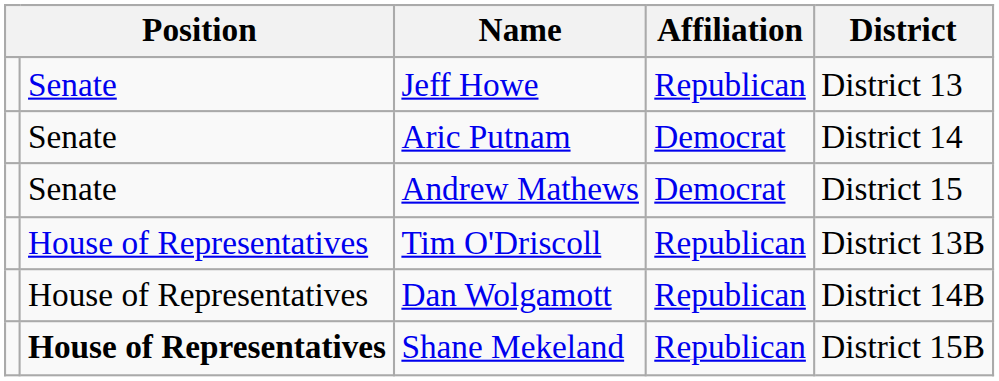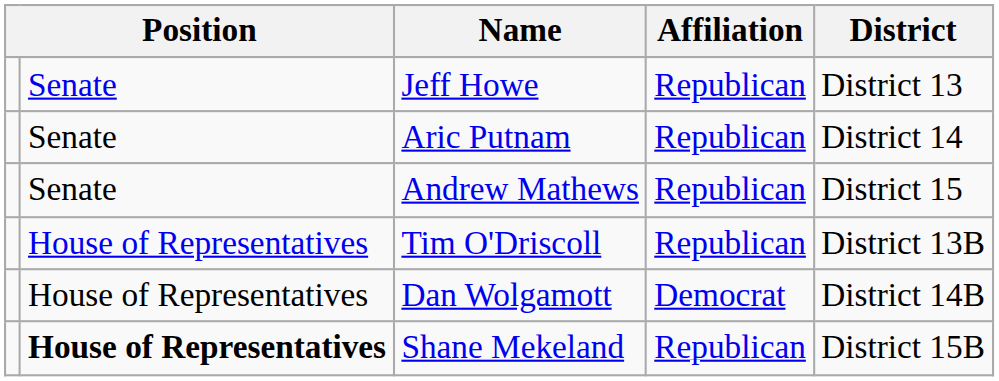 <table class="wikitable">
 <tr>
 <th colspan="2">Position</th>
 <th>Name</th>
 <th>Affiliation</th>
 <th>District</th>
 </tr>
 <tr>
 <td style="background-color:"></td>
 <td><a href='#'>Senate</a></td>
 <td><a href='#'>Jeff Howe</a></td>
 <td><a href='#'>Republican</a></td>
 <td>District 13</td>
 </tr>
 <tr>
 <td style="background-color:"></td>
 <td>Senate</td>
 <td><a href='#'>Aric Putnam</a></td>
-<td><a href='#'>Democrat</a></td>
+<td><a href='#'>Republican</a></td>
 <td>District 14</td>
 </tr>
 <tr>
 <td style="background-color:"></td>
 <td>Senate</td>
 <td><a href='#'>Andrew Mathews</a></td>
-<td><a href='#'>Democrat</a></td>
+<td><a href='#'>Republican</a></td>
 <td>District 15</td>
 </tr>
 <tr>
 <td style="background-color:"></td>
 <td><a href='#'>House of Representatives</a></td>
 <td><a href='#'>Tim O'Driscoll</a></td>
 <td><a href='#'>Republican</a></td>
 <td>District 13B</td>
 </tr>
 <tr>
 <td style="background-color:"></td>
 <td>House of Representatives</td>
 <td><a href='#'>Dan Wolgamott</a></td>
-<td><a href='#'>Republican</a></td>
+<td><a href='#'>Democrat</a></td>
 <td>District 14B</td>
 </tr>
 <tr>
 <td style="background-color:"></td>
 <td><strong>House of Representatives</strong></td>
 <td><a href='#'>Shane Mekeland</a></td>
 <td><a href='#'>Republican</a></td>
 <td>District 15B</td>
 </tr>
 </table>
